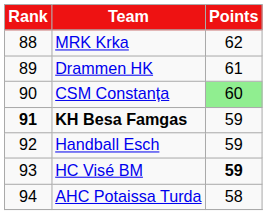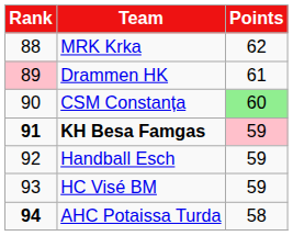 <table class="wikitable" style="text-align: center">
 <tr>
 <th style="color:#FFFFFF; background:#EE1212">Rank</th>
 <th style="color:#FFFFFF; background:#EE1212">Team</th>
 <th style="color:#FFFFFF; background:#EE1212">Points</th>
 </tr>
 <tr>
 <td>88</td>
 <td align=left> <a href='#'>MRK Krka</a></td>
 <td>62</td>
 </tr>
 <tr>
-<td>89</td>
+<td style="background: pink;">89</td>
 <td align=left> <a href='#'>Drammen HK</a></td>
 <td>61</td>
 </tr>
 <tr>
 <td>90</td>
 <td align=left> <a href='#'>CSM Constanța</a></td>
 <td style="background: lightgreen;">60</td>
 </tr>
 <tr>
 <td><strong>91</strong></td>
 <td align=left> <strong>KH Besa Famgas</strong></td>
-<td>59</td>
+<td style="background: pink;">59</td>
 </tr>
 <tr>
 <td>92</td>
 <td align=left> <a href='#'>Handball Esch</a></td>
 <td>59</td>
 </tr>
 <tr>
 <td>93</td>
 <td align=left> <a href='#'>HC Visé BM</a></td>
-<td><strong>59</strong></td>
+<td>59</td>
 </tr>
 <tr>
-<td>94</td>
+<td><strong>94</strong></td>
 <td align=left> <a href='#'>AHC Potaissa Turda</a></td>
 <td>58</td>
 </tr>
 <tr>
 </tr>
 </table>
